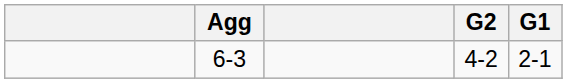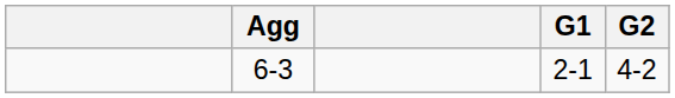 <table class=wikitable style="text-align:center">
 <tr>
 <th width=125></th>
 <th width=40>Agg</th>
 <th width=125></th>
+<th width=30>G1</th>
 <th width=30>G2</th>
-<th width=30>G1</th>
 </tr>
 <tr>
 <td style="text-align:right;"><strong></strong></td>
 <td>6-3</td>
 <td style="text-align:left;"></td>
+<td>2-1</td>
 <td>4-2</td>
-<td>2-1</td>
 </tr>
 </table>
